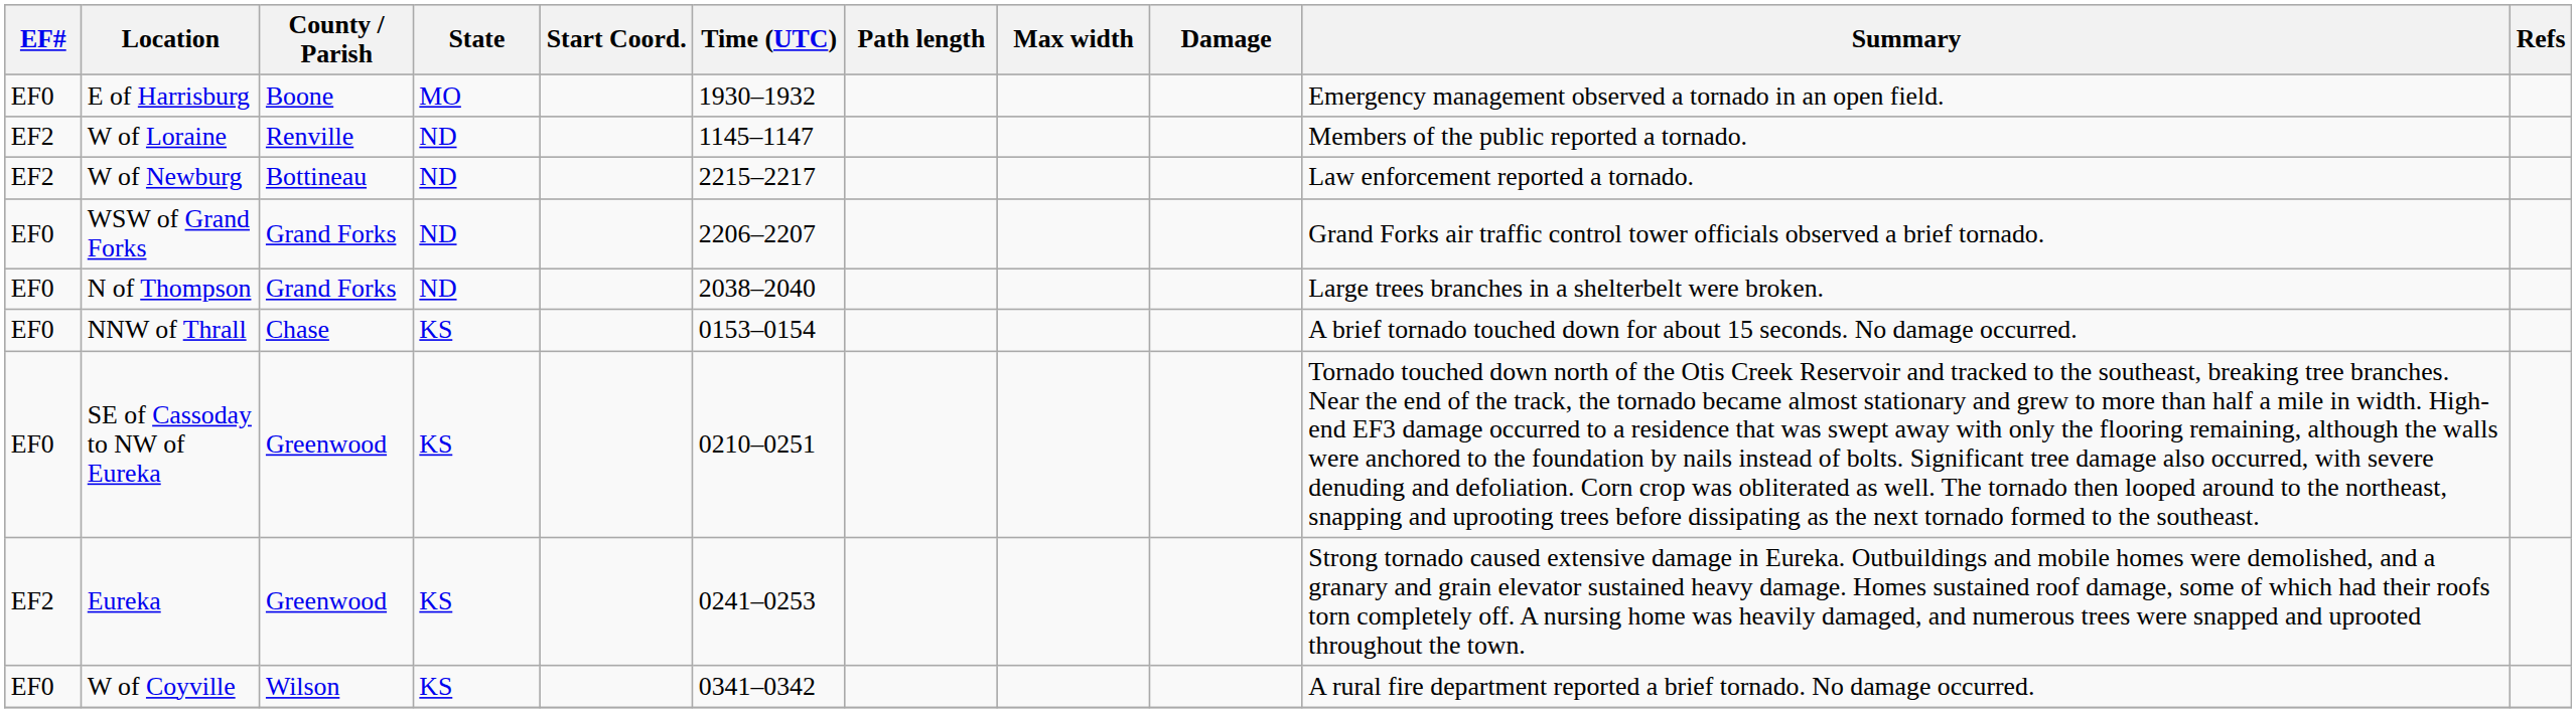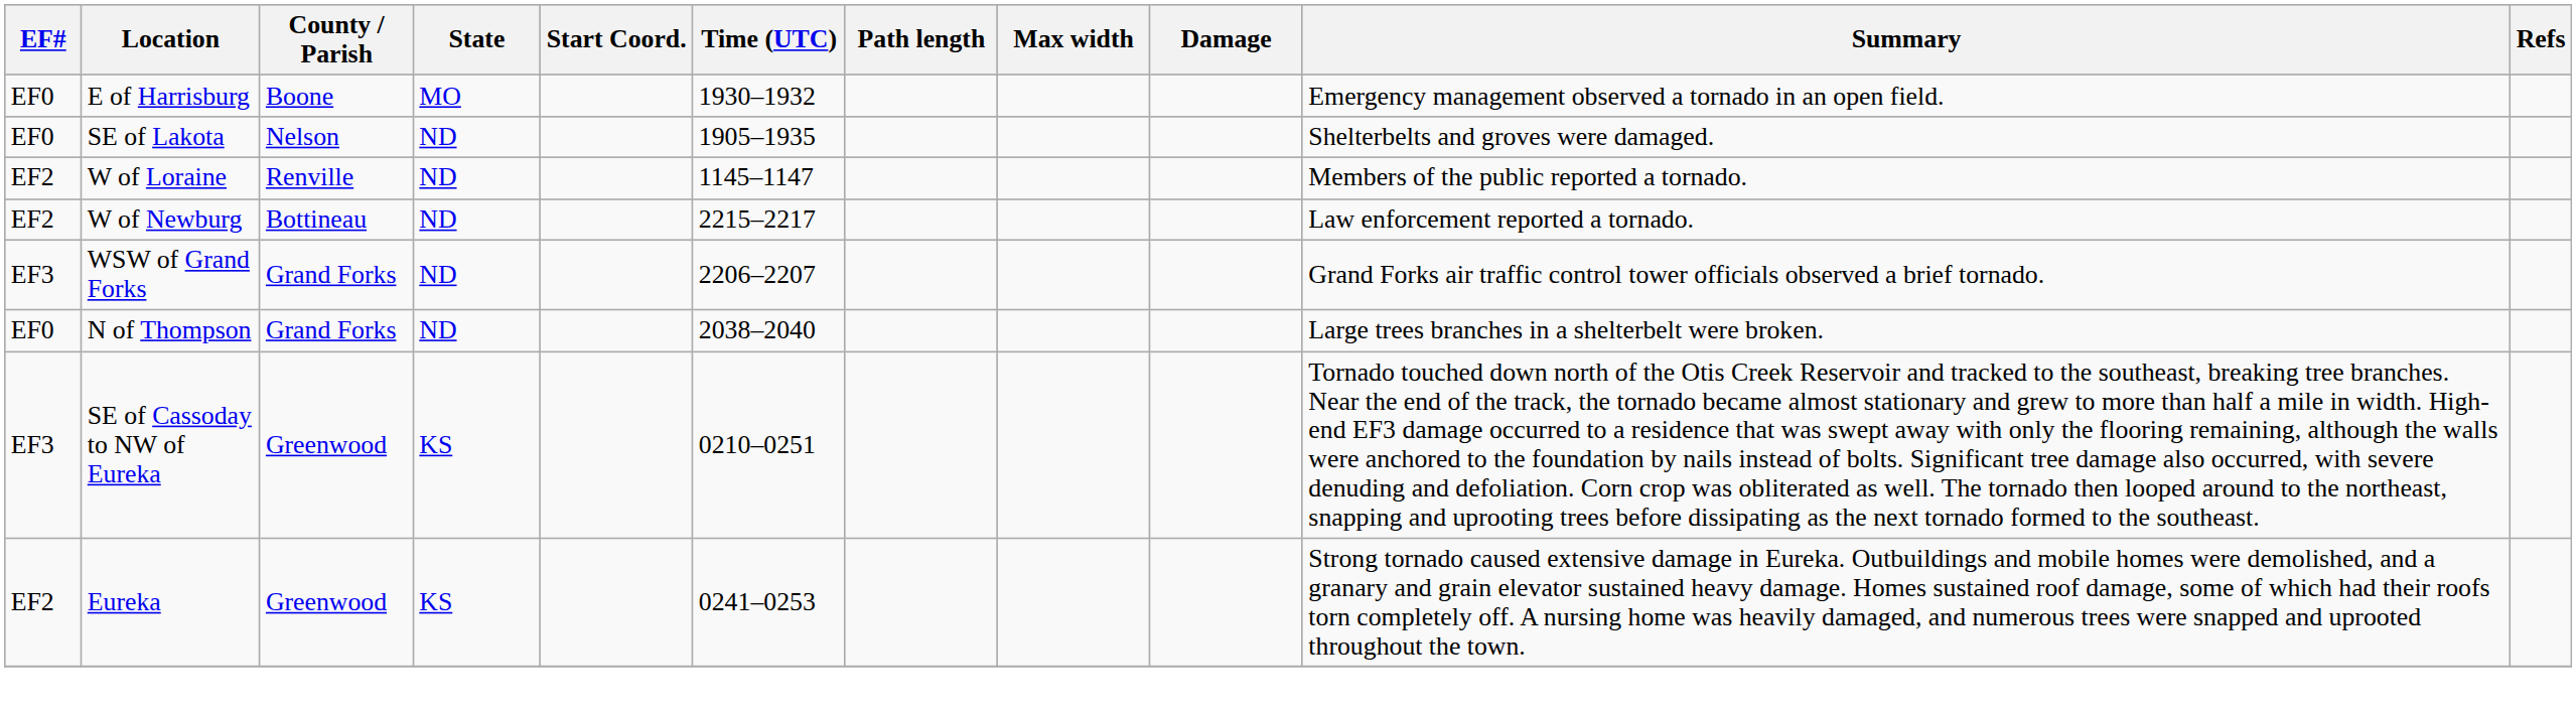 <table class="wikitable sortable" style="width:100%;">
 <tr>
 <th scope="col" width="3%" align="center"><a href='#'>EF#</a></th>
 <th scope="col" width="7%" align="center" class="unsortable">Location</th>
 <th scope="col" width="6%" align="center" class="unsortable">County / Parish</th>
 <th scope="col" width="5%" align="center">State</th>
 <th scope="col" width="6%" align="center">Start Coord.</th>
 <th scope="col" width="6%" align="center">Time (<a href='#'>UTC</a>)</th>
 <th scope="col" width="6%" align="center">Path length</th>
 <th scope="col" width="6%" align="center">Max width</th>
 <th scope="col" width="6%" align="center">Damage</th>
 <th scope="col" width="48%" class="unsortable" align="center">Summary</th>
 <th scope="col" width="48%" class="unsortable" align="center">Refs</th>
 </tr>
 <tr>
 <td>EF0</td>
 <td>E of <a href='#'>Harrisburg</a></td>
 <td><a href='#'>Boone</a></td>
 <td><a href='#'>MO</a></td>
 <td></td>
 <td>1930–1932</td>
 <td></td>
 <td></td>
 <td></td>
 <td>Emergency management observed a tornado in an open field.</td>
+<td></td>
+</tr>
+<tr>
+<td>EF0</td>
+<td>SE of <a href='#'>Lakota</a></td>
+<td><a href='#'>Nelson</a></td>
+<td><a href='#'>ND</a></td>
+<td></td>
+<td>1905–1935</td>
+<td></td>
+<td></td>
+<td></td>
+<td>Shelterbelts and groves were damaged.</td>
 <td></td>
 </tr>
 <tr>
 <td>EF2</td>
 <td>W of <a href='#'>Loraine</a></td>
 <td><a href='#'>Renville</a></td>
 <td><a href='#'>ND</a></td>
 <td></td>
 <td>1145–1147</td>
 <td></td>
 <td></td>
 <td></td>
 <td>Members of the public reported a tornado.</td>
 <td></td>
 </tr>
 <tr>
 <td>EF2</td>
 <td>W of <a href='#'>Newburg</a></td>
 <td><a href='#'>Bottineau</a></td>
 <td><a href='#'>ND</a></td>
 <td></td>
 <td>2215–2217</td>
 <td></td>
 <td></td>
 <td></td>
 <td>Law enforcement reported a tornado.</td>
 <td></td>
 </tr>
 <tr>
-<td>EF0</td>
+<td>EF3</td>
 <td>WSW of <a href='#'>Grand Forks</a></td>
 <td><a href='#'>Grand Forks</a></td>
 <td><a href='#'>ND</a></td>
 <td></td>
 <td>2206–2207</td>
 <td></td>
 <td></td>
 <td></td>
 <td>Grand Forks air traffic control tower officials observed a brief tornado.</td>
 <td></td>
 </tr>
 <tr>
 <td>EF0</td>
 <td>N of <a href='#'>Thompson</a></td>
 <td><a href='#'>Grand Forks</a></td>
 <td><a href='#'>ND</a></td>
 <td></td>
 <td>2038–2040</td>
 <td></td>
 <td></td>
 <td></td>
 <td>Large trees branches in a shelterbelt were broken.</td>
 <td></td>
 </tr>
 <tr>
-<td>EF0</td>
-<td>NNW of <a href='#'>Thrall</a></td>
-<td><a href='#'>Chase</a></td>
-<td><a href='#'>KS</a></td>
-<td></td>
-<td>0153–0154</td>
-<td></td>
-<td></td>
-<td></td>
-<td>A brief tornado touched down for about 15 seconds. No damage occurred.</td>
-<td></td>
-</tr>
-<tr>
-<td>EF0</td>
+<td>EF3</td>
 <td>SE of <a href='#'>Cassoday</a> to NW of <a href='#'>Eureka</a></td>
 <td><a href='#'>Greenwood</a></td>
 <td><a href='#'>KS</a></td>
 <td></td>
 <td>0210–0251</td>
 <td></td>
 <td></td>
 <td></td>
 <td>Tornado touched down north of the Otis Creek Reservoir and tracked to the southeast, breaking tree branches. Near the end of the track, the tornado became almost stationary and grew to more than half a mile in width. High-end EF3 damage occurred to a residence that was swept away with only the flooring remaining, although the walls were anchored to the foundation by nails instead of bolts. Significant tree damage also occurred, with severe denuding and defoliation. Corn crop was obliterated as well. The tornado then looped around to the northeast, snapping and uprooting trees before dissipating as the next tornado formed to the southeast.</td>
 <td></td>
 </tr>
 <tr>
 <td>EF2</td>
 <td><a href='#'>Eureka</a></td>
 <td><a href='#'>Greenwood</a></td>
 <td><a href='#'>KS</a></td>
 <td></td>
 <td>0241–0253</td>
 <td></td>
 <td></td>
 <td></td>
 <td>Strong tornado caused extensive damage in Eureka. Outbuildings and mobile homes were demolished, and a granary and grain elevator sustained heavy damage. Homes sustained roof damage, some of which had their roofs torn completely off. A nursing home was heavily damaged, and numerous trees were snapped and uprooted throughout the town.</td>
 <td></td>
 </tr>
 <tr>
-<td>EF0</td>
-<td>W of <a href='#'>Coyville</a></td>
-<td><a href='#'>Wilson</a></td>
-<td><a href='#'>KS</a></td>
-<td></td>
-<td>0341–0342</td>
-<td></td>
-<td></td>
-<td></td>
-<td>A rural fire department reported a brief tornado. No damage occurred.</td>
-<td></td>
-</tr>
-<tr>
 </tr>
 </table>
